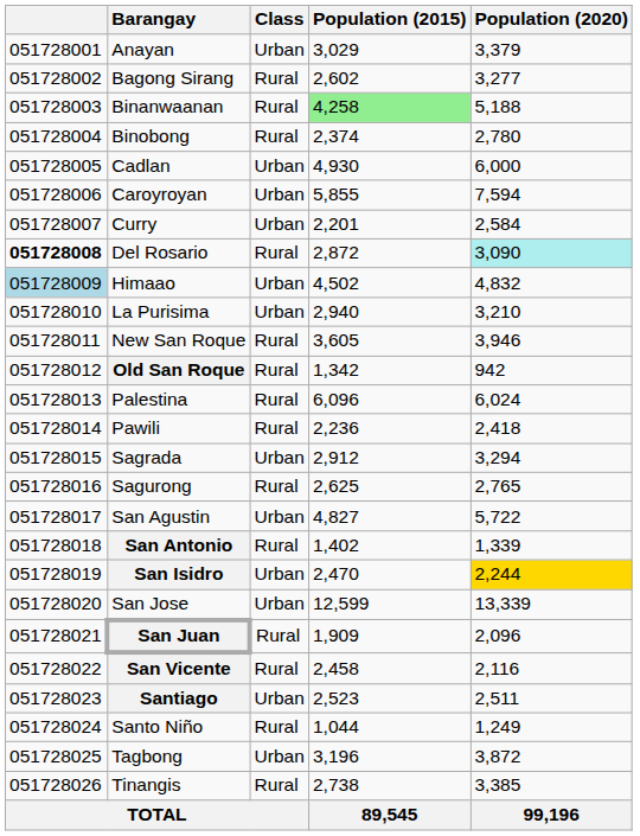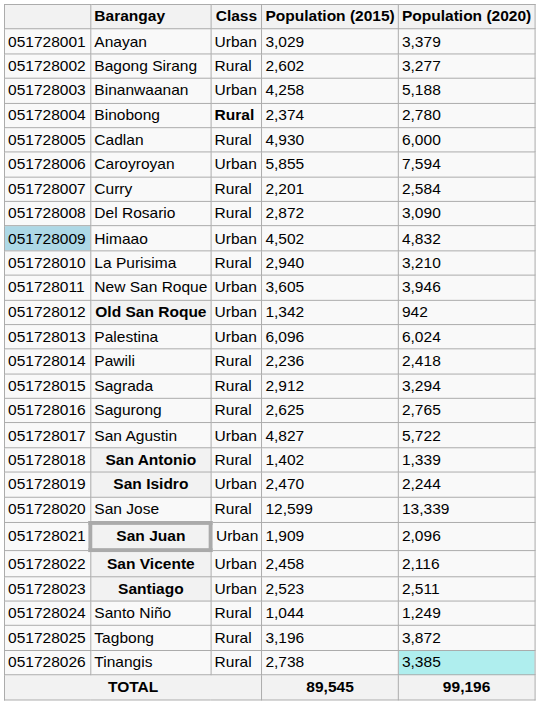 <table class="wikitable sortable plainrowheaders mw-datatable" style="margin:auto style="text-align:left; font-size:100">
 <tr>
 <th scope="col"></th>
 <th scope="col" style="text-align:left;">Barangay</th>
 <th scope="col">Class</th>
 <th scope="col">Population (2015)</th>
 <th scope="col">Population (2020)</th>
 </tr>
 <tr>
 <td>051728001</td>
 <td>Anayan</td>
 <td>Urban </td>
 <td>3,029</td>
 <td> 3,379</td>
 </tr>
 <tr>
 <td>051728002</td>
 <td>Bagong Sirang</td>
 <td>Rural</td>
 <td>2,602</td>
 <td> 3,277</td>
 </tr>
 <tr>
 <td>051728003</td>
 <td>Binanwaanan</td>
-<td>Rural</td>
-<td style="background: lightgreen;">4,258</td>
+<td>Urban</td>
+<td>4,258</td>
 <td> 5,188</td>
 </tr>
 <tr>
 <td>051728004</td>
 <td>Binobong</td>
-<td>Rural</td>
+<td><strong>Rural</strong></td>
 <td>2,374</td>
 <td> 2,780</td>
 </tr>
 <tr>
 <td>051728005</td>
 <td>Cadlan</td>
-<td>Urban</td>
+<td>Rural</td>
 <td>4,930</td>
 <td> 6,000</td>
 </tr>
 <tr>
 <td>051728006</td>
 <td>Caroyroyan</td>
 <td>Urban </td>
 <td>5,855</td>
 <td> 7,594</td>
 </tr>
 <tr>
 <td>051728007</td>
 <td>Curry</td>
-<td>Urban</td>
+<td>Rural</td>
 <td>2,201</td>
 <td> 2,584</td>
 </tr>
 <tr>
-<td><strong>051728008</strong></td>
+<td>051728008</td>
 <td>Del Rosario</td>
 <td>Rural</td>
 <td>2,872</td>
-<td style="background: paleturquoise;"> 3,090</td>
+<td> 3,090</td>
 </tr>
 <tr>
 <td style="background: lightblue;">051728009</td>
 <td>Himaao </td>
 <td>Urban</td>
 <td>4,502</td>
 <td> 4,832</td>
 </tr>
 <tr>
 <td>051728010</td>
 <td>La Purisima </td>
-<td>Urban</td>
+<td>Rural</td>
 <td>2,940</td>
 <td> 3,210</td>
 </tr>
 <tr>
 <td>051728011</td>
 <td>New San Roque</td>
-<td>Rural</td>
+<td>Urban</td>
 <td>3,605</td>
 <td> 3,946</td>
 </tr>
 <tr>
 <td>051728012</td>
 <th scope="row">Old San Roque</th>
-<td>Rural</td>
+<td>Urban</td>
 <td>1,342</td>
 <td> 942</td>
 </tr>
 <tr>
 <td>051728013</td>
 <td>Palestina</td>
-<td>Rural </td>
+<td>Urban </td>
 <td>6,096</td>
 <td> 6,024</td>
 </tr>
 <tr>
 <td>051728014</td>
 <td>Pawili</td>
 <td>Rural</td>
 <td>2,236</td>
 <td> 2,418</td>
 </tr>
 <tr>
 <td>051728015</td>
 <td>Sagrada</td>
-<td>Urban</td>
+<td>Rural</td>
 <td>2,912</td>
 <td> 3,294</td>
 </tr>
 <tr>
 <td>051728016</td>
 <td>Sagurong</td>
 <td>Rural</td>
 <td>2,625</td>
 <td> 2,765</td>
 </tr>
 <tr>
 <td>051728017</td>
 <td>San Agustin</td>
 <td>Urban</td>
 <td>4,827</td>
 <td> 5,722</td>
 </tr>
 <tr>
 <td>051728018</td>
 <th scope="row">San Antonio</th>
 <td>Rural </td>
 <td>1,402</td>
 <td> 1,339</td>
 </tr>
 <tr>
 <td>051728019</td>
 <th scope="row">San Isidro</th>
 <td>Urban</td>
 <td>2,470</td>
-<td style="background: gold;"> 2,244</td>
+<td> 2,244</td>
 </tr>
 <tr>
 <td>051728020</td>
 <td>San Jose</td>
-<td>Urban </td>
+<td>Rural</td>
 <td>12,599</td>
 <td> 13,339</td>
 </tr>
 <tr>
 <td>051728021</td>
 <th scope="row" style="border-width:0.3em;">San Juan</th>
-<td>Rural </td>
+<td>Urban</td>
 <td>1,909</td>
 <td> 2,096</td>
 </tr>
 <tr>
 <td>051728022</td>
 <th scope="row">San Vicente</th>
-<td>Rural </td>
+<td>Urban</td>
 <td>2,458</td>
 <td> 2,116</td>
 </tr>
 <tr>
 <td>051728023</td>
 <th scope="row">Santiago</th>
 <td>Urban</td>
 <td>2,523</td>
 <td> 2,511</td>
 </tr>
 <tr>
 <td>051728024</td>
 <td>Santo Niño</td>
 <td>Rural</td>
 <td>1,044</td>
 <td> 1,249</td>
 </tr>
 <tr>
 <td>051728025</td>
 <td>Tagbong</td>
-<td>Urban</td>
+<td>Rural</td>
 <td>3,196 </td>
 <td> 3,872</td>
 </tr>
 <tr>
 <td>051728026</td>
 <td>Tinangis</td>
 <td>Rural</td>
 <td>2,738</td>
-<td> 3,385</td>
+<td style="background: paleturquoise;"> 3,385</td>
 </tr>
 <tr>
 <th colspan=3 align="center" style="background:">TOTAL</th>
 <th colspan=1 align="center" style="font-style:bold;">89,545</th>
 <th colspan=1 align="center" style="font-style:bold;"> 99,196</th>
 </tr>
 </table>
